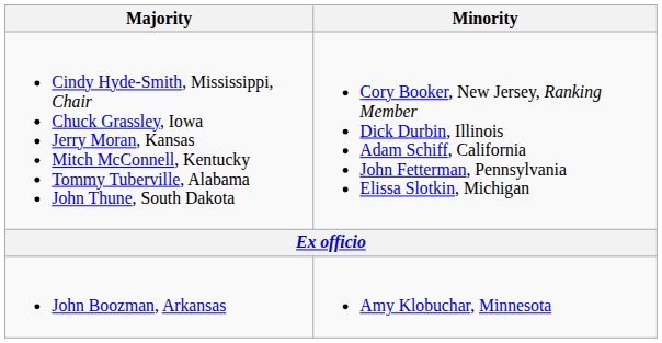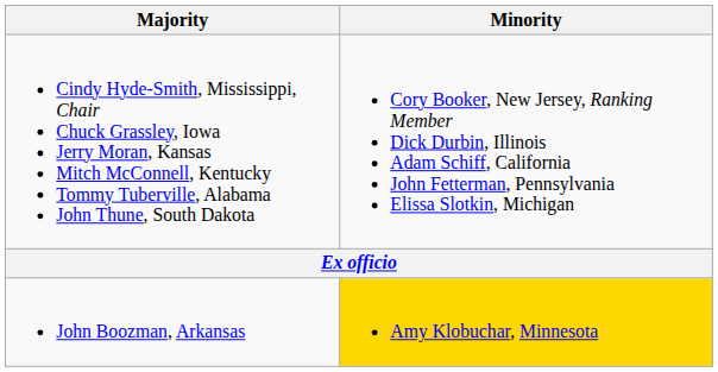 <table class=wikitable>
 <tr>
 <th>Majority</th>
 <th>Minority</th>
 </tr>
 <tr>
 <td><br><ul><li><a href='#'>Cindy Hyde-Smith</a>, Mississippi, <em>Chair</em></li><li><a href='#'>Chuck Grassley</a>, Iowa</li><li><a href='#'>Jerry Moran</a>, Kansas</li><li><a href='#'>Mitch McConnell</a>, Kentucky</li><li><a href='#'>Tommy Tuberville</a>, Alabama</li><li><a href='#'>John Thune</a>, South Dakota</li></ul></td>
 <td><br><ul><li><a href='#'>Cory Booker</a>, New Jersey, <em>Ranking Member</em></li><li><a href='#'>Dick Durbin</a>, Illinois</li><li><a href='#'>Adam Schiff</a>, California</li><li><a href='#'>John Fetterman</a>, Pennsylvania</li><li><a href='#'>Elissa Slotkin</a>, Michigan</li></ul></td>
 </tr>
 <tr>
 <th colspan=2><em><a href='#'>Ex officio</a></em></th>
 </tr>
 <tr>
 <td><br><ul><li><a href='#'>John Boozman</a>, <a href='#'>Arkansas</a></li></ul></td>
-<td><br><ul><li><a href='#'>Amy Klobuchar</a>, <a href='#'>Minnesota</a></li></ul></td>
+<td style="background: gold;"><br><ul><li><a href='#'>Amy Klobuchar</a>, <a href='#'>Minnesota</a></li></ul></td>
 </tr>
 </table>
